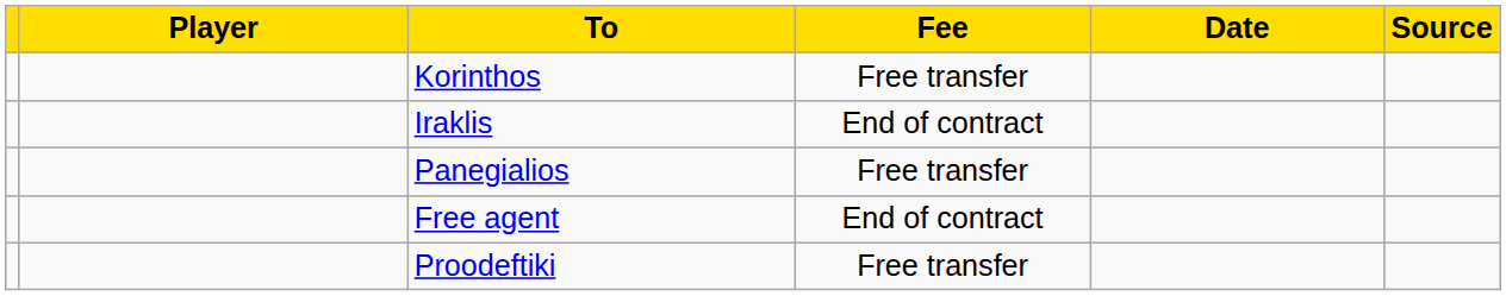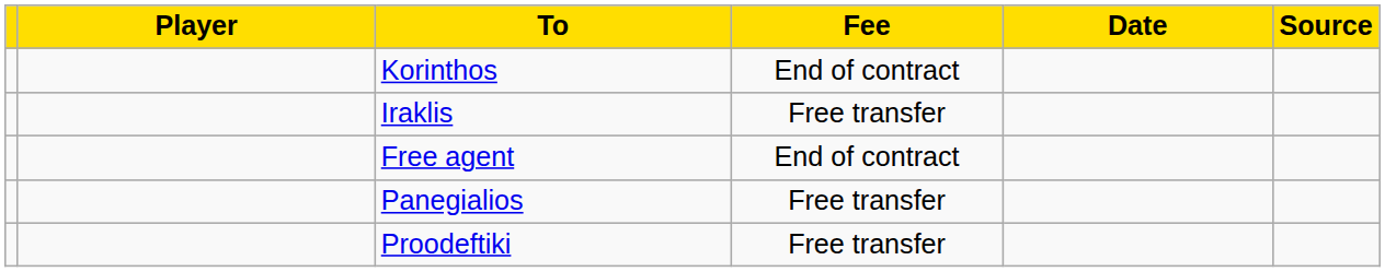 <table class="wikitable sortable">
 <tr>
 <th style="background:#FFDE00"></th>
 <th width=200 style="background:#FFDE00">Player</th>
 <th width=200 style="background:#FFDE00">To</th>
 <th width=150 style="background:#FFDE00">Fee</th>
 <th width=150 style="background:#FFDE00">Date</th>
 <th style="background:#FFDE00">Source</th>
 </tr>
 <tr>
 <td align=center></td>
 <td></td>
 <td> <a href='#'>Korinthos</a></td>
+<td align=center>End of contract</td>
+<td align=center></td>
+<td align=center></td>
+</tr>
+<tr>
+<td align=center></td>
+<td></td>
+<td> <a href='#'>Iraklis</a></td>
 <td align=center>Free transfer</td>
 <td align=center></td>
 <td align=center></td>
 </tr>
 <tr>
 <td align=center></td>
 <td></td>
-<td> <a href='#'>Iraklis</a></td>
+<td><a href='#'>Free agent</a></td>
 <td align=center>End of contract</td>
 <td align=center></td>
 <td align=center></td>
 </tr>
 <tr>
 <td align=center></td>
 <td></td>
 <td> <a href='#'>Panegialios</a></td>
 <td align=center>Free transfer</td>
 <td align=center></td>
 <td align=center></td>
 </tr>
 <tr>
 <td align=center></td>
 <td></td>
-<td><a href='#'>Free agent</a></td>
-<td align=center>End of contract</td>
-<td align=center></td>
-<td align=center></td>
-</tr>
-<tr>
-<td align=center></td>
-<td></td>
 <td> <a href='#'>Proodeftiki</a></td>
 <td align=center>Free transfer</td>
 <td align=center></td>
 <td align=center></td>
 </tr>
 </table>
